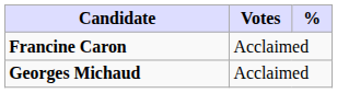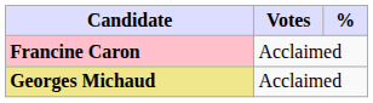 <table class="wikitable">
 <tr>
 <th style="background:#ddf; width:200px;">Candidate</th>
 <th style="background:#ddf; width:50px;">Votes</th>
 <th style="background:#ddf; width:30px;">%</th>
 </tr>
 <tr>
-<td><strong>Francine Caron</strong></td>
+<td style="background: pink;"><strong>Francine Caron</strong></td>
 <td colspan="2">Acclaimed</td>
 </tr>
 <tr>
-<td><strong>Georges Michaud</strong></td>
+<td style="background: khaki;"><strong>Georges Michaud</strong></td>
 <td colspan="2">Acclaimed</td>
 </tr>
 </table>
